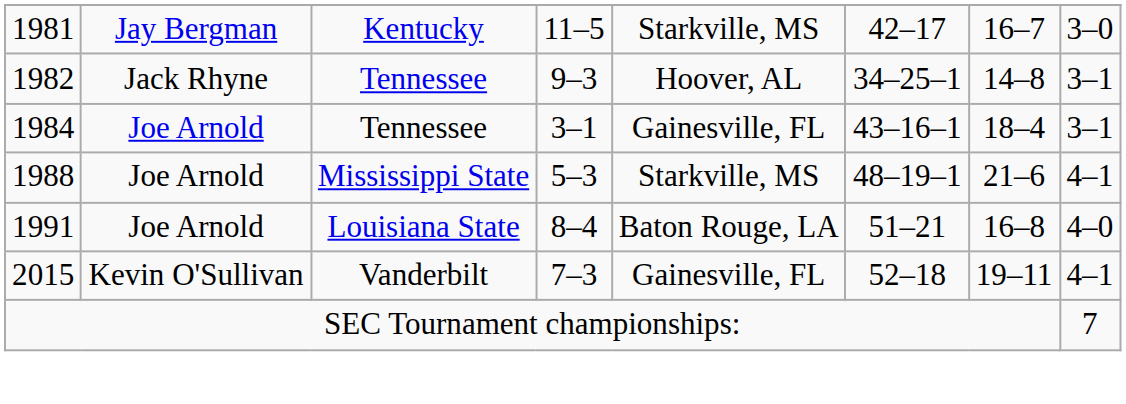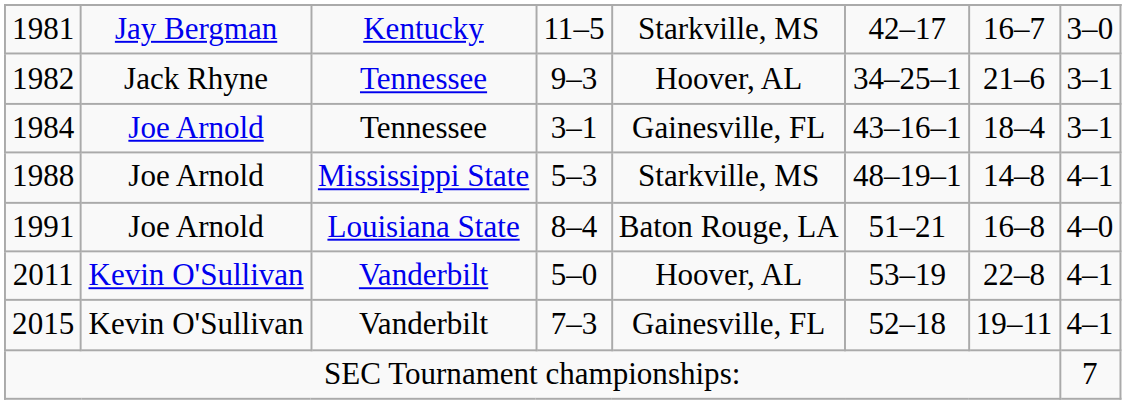 <table class="wikitable" style="text-align:center">
 <tr>
 </tr>
 <tr>
 <td>1981</td>
 <td><a href='#'>Jay Bergman</a></td>
 <td><a href='#'>Kentucky</a></td>
 <td>11–5</td>
 <td>Starkville, MS</td>
 <td>42–17</td>
 <td>16–7</td>
 <td>3–0</td>
 </tr>
 <tr>
 <td>1982</td>
 <td>Jack Rhyne</td>
 <td><a href='#'>Tennessee</a></td>
 <td>9–3</td>
 <td>Hoover, AL</td>
 <td>34–25–1</td>
-<td>14–8</td>
+<td>21–6</td>
 <td>3–1</td>
 </tr>
 <tr>
 <td>1984</td>
 <td><a href='#'>Joe Arnold</a></td>
 <td>Tennessee</td>
 <td>3–1</td>
 <td>Gainesville, FL</td>
 <td>43–16–1</td>
 <td>18–4</td>
 <td>3–1</td>
 </tr>
 <tr>
 <td>1988</td>
 <td>Joe Arnold</td>
 <td><a href='#'>Mississippi State</a></td>
 <td>5–3</td>
 <td>Starkville, MS</td>
 <td>48–19–1</td>
-<td>21–6</td>
+<td>14–8</td>
 <td>4–1</td>
 </tr>
 <tr>
 <td>1991</td>
 <td>Joe Arnold</td>
 <td><a href='#'>Louisiana State</a></td>
 <td>8–4</td>
 <td>Baton Rouge, LA</td>
 <td>51–21</td>
 <td>16–8</td>
 <td>4–0</td>
+</tr>
+<tr>
+<td>2011</td>
+<td><a href='#'>Kevin O'Sullivan</a></td>
+<td><a href='#'>Vanderbilt</a></td>
+<td>5–0</td>
+<td>Hoover, AL</td>
+<td>53–19</td>
+<td>22–8</td>
+<td>4–1</td>
 </tr>
 <tr>
 <td>2015</td>
 <td>Kevin O'Sullivan</td>
 <td>Vanderbilt</td>
 <td>7–3</td>
 <td>Gainesville, FL</td>
 <td>52–18</td>
 <td>19–11</td>
 <td>4–1</td>
 </tr>
 <tr>
 <td colspan=7>SEC Tournament championships:</td>
 <td>7</td>
 </tr>
 </table>
